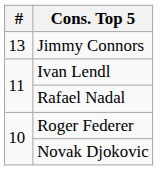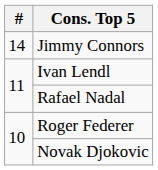 <table class="wikitable" style="display:inline-table;">
 <tr>
 <th width=20>#</th>
 <th>Cons. Top 5</th>
 </tr>
 <tr>
-<td>13</td>
+<td>14</td>
 <td> Jimmy Connors</td>
 </tr>
 <tr>
 <td rowspan="2">11</td>
 <td> Ivan Lendl</td>
 </tr>
 <tr>
 <td> Rafael Nadal</td>
 </tr>
 <tr>
 <td rowspan="2">10</td>
 <td> Roger Federer</td>
 </tr>
 <tr>
 <td> Novak Djokovic</td>
 </tr>
 </table>
